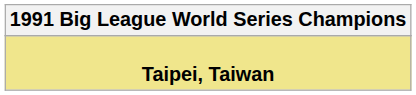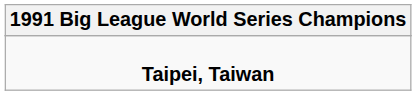 <table class="wikitable" style="text-align: center; margin: 0 auto;">
 <tr>
 <th>1991 Big League World Series Champions</th>
 </tr>
 <tr>
 </tr>
 <tr>
-<td style="background: khaki;"><br><strong>Taipei, Taiwan</strong></td>
+<td><br><strong>Taipei, Taiwan</strong></td>
 </tr>
 </table>
